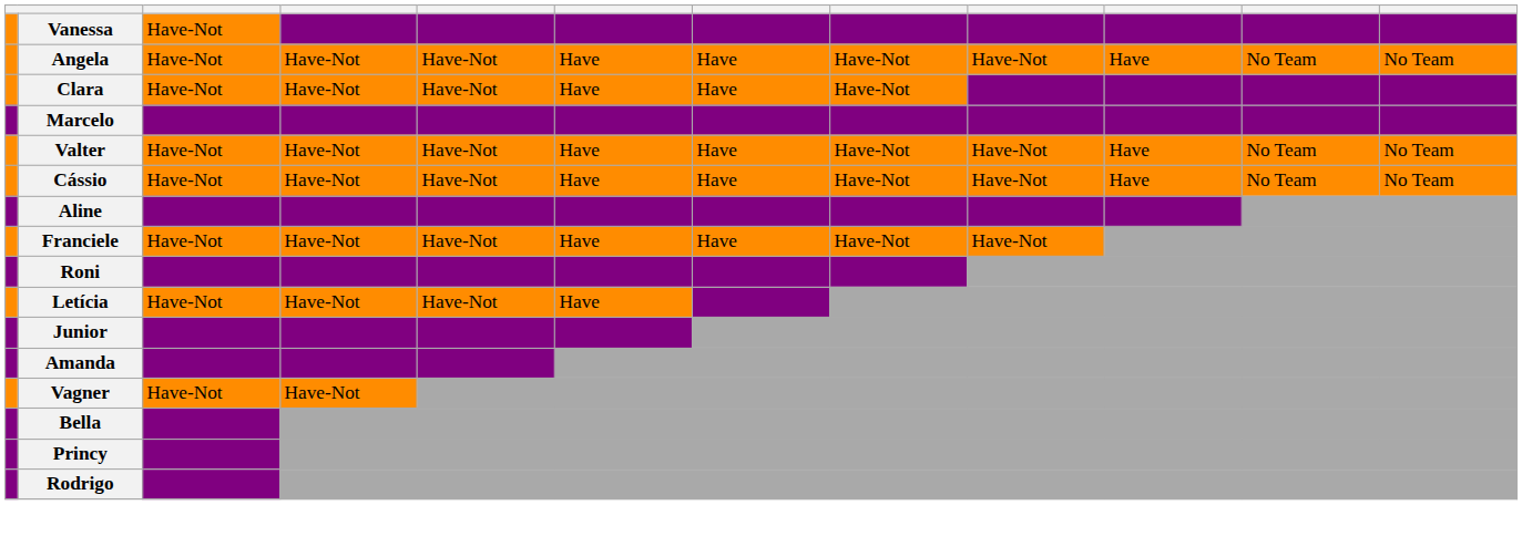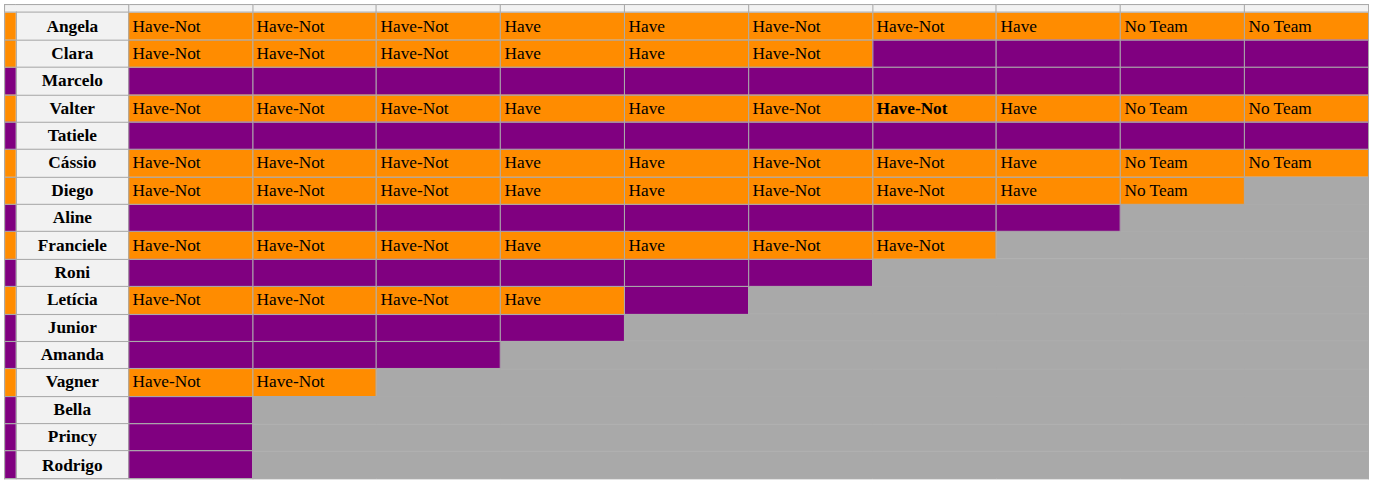 <table class="wikitable" style="width:100%;">
 <tr>
 <th width=6.5% colspan=2></th>
 <th width=6.5%></th>
 <th width=6.5%></th>
 <th width=6.5%></th>
 <th width=6.5%></th>
 <th width=6.5%></th>
 <th width=6.5%></th>
 <th width=6.5%></th>
 <th width=6.5%></th>
 <th width=6.5%></th>
 <th width=6.5%></th>
-</tr>
-<tr>
-<td bgcolor="FF8C00"></td>
-<th>Vanessa</th>
-<td bgcolor="FF8C00">Have-Not</td>
-<td bgcolor="800080"></td>
-<td bgcolor="800080"></td>
-<td bgcolor="800080"></td>
-<td bgcolor="800080"></td>
-<td bgcolor="800080"></td>
-<td bgcolor="800080"></td>
-<td bgcolor="800080"></td>
-<td bgcolor="800080"></td>
-<td bgcolor="800080"></td>
 </tr>
 <tr>
 <td bgcolor="FF8C00"></td>
 <th>Angela</th>
 <td bgcolor="FF8C00">Have-Not</td>
 <td bgcolor="FF8C00">Have-Not</td>
 <td bgcolor="FF8C00">Have-Not</td>
 <td bgcolor="FF8C00">Have</td>
 <td bgcolor="FF8C00">Have</td>
 <td bgcolor="FF8C00">Have-Not</td>
 <td bgcolor="FF8C00">Have-Not</td>
 <td bgcolor="FF8C00">Have</td>
 <td bgcolor="FF8C00">No Team</td>
 <td bgcolor="FF8C00">No Team</td>
 </tr>
 <tr>
 <td bgcolor="FF8C00"></td>
 <th>Clara</th>
 <td bgcolor="FF8C00">Have-Not</td>
 <td bgcolor="FF8C00">Have-Not</td>
 <td bgcolor="FF8C00">Have-Not</td>
 <td bgcolor="FF8C00">Have</td>
 <td bgcolor="FF8C00">Have</td>
 <td bgcolor="FF8C00">Have-Not</td>
 <td bgcolor="800080"></td>
 <td bgcolor="800080"></td>
 <td bgcolor="800080"></td>
 <td bgcolor="800080"></td>
 </tr>
 <tr>
 <td bgcolor="800080"></td>
 <th>Marcelo</th>
 <td bgcolor="800080"></td>
 <td bgcolor="800080"></td>
 <td bgcolor="800080"></td>
 <td bgcolor="800080"></td>
 <td bgcolor="800080"></td>
 <td bgcolor="800080"></td>
 <td bgcolor="800080"></td>
 <td bgcolor="800080"></td>
 <td bgcolor="800080"></td>
 <td bgcolor="800080"></td>
 </tr>
 <tr>
 <td bgcolor="FF8C00"></td>
 <th>Valter</th>
 <td bgcolor="FF8C00">Have-Not</td>
 <td bgcolor="FF8C00">Have-Not</td>
 <td bgcolor="FF8C00">Have-Not</td>
 <td bgcolor="FF8C00">Have</td>
 <td bgcolor="FF8C00">Have</td>
 <td bgcolor="FF8C00">Have-Not</td>
-<td bgcolor="FF8C00">Have-Not</td>
+<td bgcolor="FF8C00"><strong>Have-Not</strong></td>
 <td bgcolor="FF8C00">Have</td>
 <td bgcolor="FF8C00">No Team</td>
 <td bgcolor="FF8C00">No Team</td>
+</tr>
+<tr>
+<td bgcolor="800080"></td>
+<th>Tatiele</th>
+<td bgcolor="800080"></td>
+<td bgcolor="800080"></td>
+<td bgcolor="800080"></td>
+<td bgcolor="800080"></td>
+<td bgcolor="800080"></td>
+<td bgcolor="800080"></td>
+<td bgcolor="800080"></td>
+<td bgcolor="800080"></td>
+<td bgcolor="800080"></td>
+<td bgcolor="800080"></td>
 </tr>
 <tr>
 <td bgcolor="FF8C00"></td>
 <th>Cássio</th>
 <td bgcolor="FF8C00">Have-Not</td>
 <td bgcolor="FF8C00">Have-Not</td>
 <td bgcolor="FF8C00">Have-Not</td>
 <td bgcolor="FF8C00">Have</td>
 <td bgcolor="FF8C00">Have</td>
 <td bgcolor="FF8C00">Have-Not</td>
 <td bgcolor="FF8C00">Have-Not</td>
 <td bgcolor="FF8C00">Have</td>
 <td bgcolor="FF8C00">No Team</td>
 <td bgcolor="FF8C00">No Team</td>
+</tr>
+<tr>
+<td bgcolor="FF8C00"></td>
+<th>Diego</th>
+<td bgcolor="FF8C00">Have-Not</td>
+<td bgcolor="FF8C00">Have-Not</td>
+<td bgcolor="FF8C00">Have-Not</td>
+<td bgcolor="FF8C00">Have</td>
+<td bgcolor="FF8C00">Have</td>
+<td bgcolor="FF8C00">Have-Not</td>
+<td bgcolor="FF8C00">Have-Not</td>
+<td bgcolor="FF8C00">Have</td>
+<td bgcolor="FF8C00">No Team</td>
+<td bgcolor="A9A9A9"></td>
 </tr>
 <tr>
 <td bgcolor="800080"></td>
 <th>Aline</th>
 <td bgcolor="800080"></td>
 <td bgcolor="800080"></td>
 <td bgcolor="800080"></td>
 <td bgcolor="800080"></td>
 <td bgcolor="800080"></td>
 <td bgcolor="800080"></td>
 <td bgcolor="800080"></td>
 <td bgcolor="800080"></td>
 <td bgcolor="A9A9A9" colspan=2></td>
 </tr>
 <tr>
 <td bgcolor="FF8C00"></td>
 <th>Franciele</th>
 <td bgcolor="FF8C00">Have-Not</td>
 <td bgcolor="FF8C00">Have-Not</td>
 <td bgcolor="FF8C00">Have-Not</td>
 <td bgcolor="FF8C00">Have</td>
 <td bgcolor="FF8C00">Have</td>
 <td bgcolor="FF8C00">Have-Not</td>
 <td bgcolor="FF8C00">Have-Not</td>
 <td bgcolor="A9A9A9" colspan=3></td>
 </tr>
 <tr>
 <td bgcolor="800080"></td>
 <th>Roni</th>
 <td bgcolor="800080"></td>
 <td bgcolor="800080"></td>
 <td bgcolor="800080"></td>
 <td bgcolor="800080"></td>
 <td bgcolor="800080"></td>
 <td bgcolor="800080"></td>
 <td bgcolor="A9A9A9" colspan=4></td>
 </tr>
 <tr>
 <td bgcolor="FF8C00"></td>
 <th>Letícia</th>
 <td bgcolor="FF8C00">Have-Not</td>
 <td bgcolor="FF8C00">Have-Not</td>
 <td bgcolor="FF8C00">Have-Not</td>
 <td bgcolor="FF8C00">Have</td>
 <td bgcolor="800080"></td>
 <td bgcolor="A9A9A9" colspan=5></td>
 </tr>
 <tr>
 <td bgcolor="800080"></td>
 <th>Junior</th>
 <td bgcolor="800080"></td>
 <td bgcolor="800080"></td>
 <td bgcolor="800080"></td>
 <td bgcolor="800080"></td>
 <td bgcolor="A9A9A9" colspan=6></td>
 </tr>
 <tr>
 <td bgcolor="800080"></td>
 <th>Amanda</th>
 <td bgcolor="800080"></td>
 <td bgcolor="800080"></td>
 <td bgcolor="800080"></td>
 <td bgcolor="A9A9A9" colspan=7></td>
 </tr>
 <tr>
 <td bgcolor="FF8C00"></td>
 <th>Vagner</th>
 <td bgcolor="FF8C00">Have-Not</td>
 <td bgcolor="FF8C00">Have-Not</td>
 <td bgcolor="A9A9A9" colspan=8></td>
 </tr>
 <tr>
 <td bgcolor="800080"></td>
 <th>Bella</th>
 <td bgcolor="800080"></td>
 <td bgcolor="A9A9A9" colspan=9></td>
 </tr>
 <tr>
 <td bgcolor="800080"></td>
 <th>Princy</th>
 <td bgcolor="800080"></td>
 <td bgcolor="A9A9A9" colspan=9></td>
 </tr>
 <tr>
 <td bgcolor="800080"></td>
 <th>Rodrigo</th>
 <td bgcolor="800080"></td>
 <td bgcolor="A9A9A9" colspan=9></td>
 </tr>
 <tr>
 </tr>
 </table>
